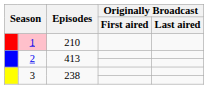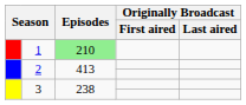 <table class="wikitable" style="text-align:center">
 <tr>
 <th style="padding: 0 8px" colspan="2" rowspan="2">Season</th>
 <th style="padding: 0 8px" rowspan="2">Episodes</th>
 <th style="padding: 0 8px" colspan="2">Originally Broadcast</th>
 </tr>
 <tr>
 <th style="padding: 1 8px">First aired</th>
 <th style="padding: 1 8px">Last aired</th>
 </tr>
 <tr>
 <td style="background:Red"></td>
-<td align="center" style="background: pink;"><a href='#'>1</a></td>
-<td align="center">210</td>
+<td align="center"><a href='#'>1</a></td>
+<td align="center" style="background: lightgreen;">210</td>
 <td align="center"></td>
 <td align="center"></td>
 </tr>
 <tr>
 <td style="background:Blue" rowspan="2"></td>
 <td align="center" rowspan="2"><a href='#'>2</a></td>
 <td align="center" rowspan="2">413</td>
 <td align="center"></td>
 <td align="center"></td>
 </tr>
 <tr>
 <td align="center"></td>
 <td align="center"></td>
 </tr>
 <tr>
 <td style="background:Yellow" rowspan="2"></td>
 <td align="center" rowspan="2">3</td>
 <td align="center" rowspan="2">238</td>
 <td align="center"></td>
 <td align="center"></td>
 </tr>
 <tr>
 <td align="center"></td>
 <td align="center"></td>
 </tr>
 </table>
